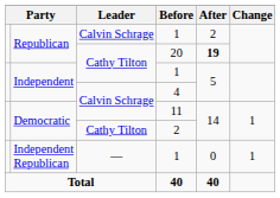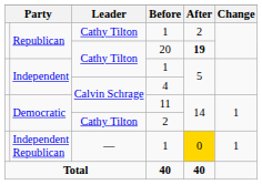 <table class="wikitable" style="text-align:center;">
 <tr>
 </tr>
 <tr>
 <th colspan="2">Party</th>
 <th>Leader</th>
 <th>Before</th>
 <th>After</th>
 <th>Change</th>
 </tr>
 <tr>
 <td rowspan="2" style="background-color:"></td>
 <td rowspan="2" style="text-align:left;"><a href='#'>Republican</a></td>
-<td><a href='#'>Calvin Schrage</a></td>
+<td><a href='#'>Cathy Tilton</a></td>
 <td>1</td>
 <td>2</td>
 <td rowspan="2"></td>
 </tr>
 <tr>
 <td rowspan="2"><a href='#'>Cathy Tilton</a></td>
 <td>20</td>
 <td><strong>19</strong></td>
 </tr>
 <tr>
 <td rowspan="2" style="background-color:"></td>
 <td rowspan="2" style="text-align:left;"><a href='#'>Independent</a></td>
 <td>1</td>
 <td rowspan="2"  >5</td>
 <td rowspan="2"></td>
 </tr>
 <tr>
 <td rowspan="2"><a href='#'>Calvin Schrage</a></td>
 <td>4</td>
 </tr>
 <tr>
 <td rowspan="2" style="background-color:"></td>
 <td rowspan="2" style="text-align:left;"><a href='#'>Democratic</a></td>
 <td>11</td>
 <td rowspan="2"  >14</td>
 <td rowspan="2"> 1</td>
 </tr>
 <tr>
 <td><a href='#'>Cathy Tilton</a></td>
 <td>2</td>
 </tr>
 <tr>
 <td style="background-color:"></td>
 <td style="text-align:left;"><a href='#'>Independent<br>Republican</a></td>
 <td>—</td>
 <td>1</td>
-<td>0</td>
+<td style="background: gold;">0</td>
 <td> 1</td>
 </tr>
 <tr>
 <td colspan="3"><strong>Total</strong></td>
 <td><strong>40</strong></td>
 <td><strong>40</strong></td>
 <td></td>
 </tr>
 </table>
